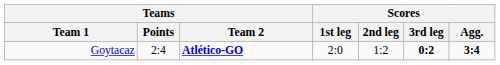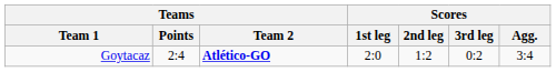 <table class="wikitable" style="text-align:center;">
 <tr>
 <th colspan=3>Teams</th>
 <th colspan=4>Scores</th>
 </tr>
 <tr>
 <th width="175">Team 1</th>
 <th width="50">Points</th>
 <th width="175">Team 2</th>
 <th width="55">1st leg</th>
 <th width="55">2nd leg</th>
 <th width="55">3rd leg</th>
 <th width="55">Agg.</th>
 </tr>
 <tr>
 <td align=right><a href='#'>Goytacaz</a> </td>
 <td>2:4</td>
 <td align=left> <strong><a href='#'>Atlético-GO</a></strong></td>
 <td>2:0</td>
 <td>1:2</td>
-<td><strong>0:2</strong></td>
-<td><strong>3:4</strong></td>
+<td>0:2</td>
+<td>3:4</td>
 </tr>
 </table>
